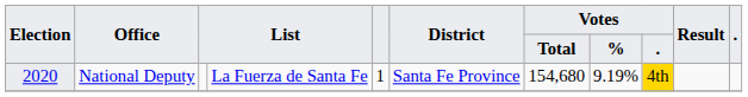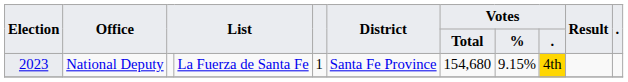 <table class="wikitable" style="font-size:90%; text-align:center;">
 <tr>
 <th style="background-color:#EAECF0;" rowspan=2>Election</th>
 <th style="background-color:#EAECF0;" rowspan=2>Office</th>
 <th style="background-color:#EAECF0;" colspan=2 rowspan=2>List</th>
 <th style="background-color:#EAECF0;" rowspan=2></th>
 <th style="background-color:#EAECF0;" rowspan=2>District</th>
 <th style="background-color:#EAECF0;" colspan=3>Votes</th>
 <th style="background-color:#EAECF0;" rowspan=2>Result</th>
 <th style="background-color:#EAECF0;" rowspan=2>.</th>
 </tr>
 <tr>
 <th style="background-color:#EAECF0;">Total</th>
 <th style="background-color:#EAECF0;">%</th>
 <th style="background-color:#EAECF0;">.</th>
 </tr>
 <tr>
-<td style="background-color:#EAECF0;"><a href='#'>2020</a></td>
+<td style="background-color:#EAECF0;"><a href='#'>2023</a></td>
 <td><a href='#'>National Deputy</a></td>
 <td style="background-color:"></td>
 <td><a href='#'>La Fuerza de Santa Fe</a></td>
 <td>1</td>
 <td><a href='#'>Santa Fe Province</a></td>
 <td>154,680</td>
-<td>9.19%</td>
+<td>9.15%</td>
 <td style="background: gold;">4th</td>
 <td></td>
 <td></td>
 </tr>
 <tr>
 </tr>
 </table>
